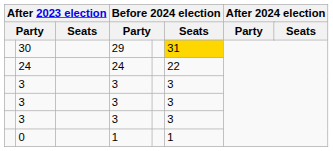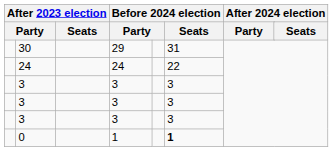 <table class="wikitable">
 <tr>
 <th colspan="3">After <a href='#'>2023 election</a></th>
 <th colspan="3">Before 2024 election</th>
 <th colspan="3">After 2024 election</th>
 </tr>
 <tr>
 <th colspan="2">Party</th>
 <th>Seats</th>
 <th colspan="2">Party</th>
 <th>Seats</th>
 <th colspan="2">Party</th>
 <th>Seats</th>
 </tr>
 <tr>
 <td></td>
 <td>30</td>
 <td></td>
 <td>29</td>
 <td></td>
-<td style="background: gold;">31</td>
+<td>31</td>
 </tr>
 <tr>
 <td></td>
 <td>24</td>
 <td></td>
 <td>24</td>
 <td></td>
 <td>22</td>
 </tr>
 <tr>
 <td></td>
 <td>3</td>
 <td></td>
 <td>3</td>
 <td></td>
 <td>3</td>
 </tr>
 <tr>
 <td></td>
 <td>3</td>
 <td></td>
 <td>3</td>
 <td></td>
 <td>3</td>
 </tr>
 <tr>
 <td></td>
 <td>3</td>
 <td></td>
 <td>3</td>
 <td></td>
 <td>3</td>
 </tr>
 <tr>
 <td></td>
 <td>0</td>
 <td></td>
 <td>1</td>
 <td></td>
-<td>1</td>
+<td><strong>1</strong></td>
 </tr>
 </table>
